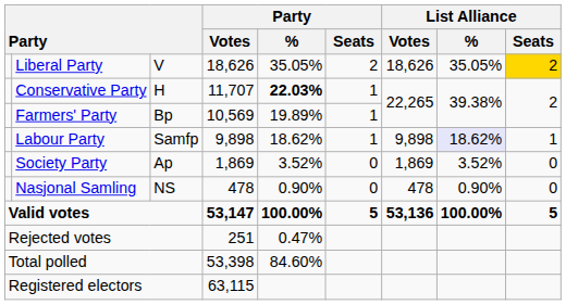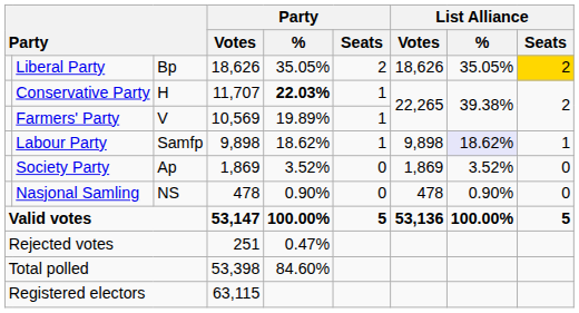 <table class="wikitable" border="1" style="text-align:right;">
 <tr>
 <th style="text-align:left;" valign=bottom rowspan=2 colspan=3>Party</th>
 <th colspan=3>Party</th>
 <th colspan=3>List Alliance</th>
 </tr>
 <tr>
 <th align=center valign=bottom width="50">Votes</th>
 <th align=center valign=bottom width="50">%</th>
 <th align=center valign=bottom width="50">Seats</th>
 <th align=center valign=bottom width="50">Votes</th>
 <th align=center valign=bottom width="50">%</th>
 <th align=center valign=bottom width="50">Seats</th>
 </tr>
 <tr>
 <td style="color:inherit;background:"></td>
 <td align=left><a href='#'>Liberal Party</a></td>
-<td align=left>V</td>
+<td align=left>Bp</td>
 <td>18,626</td>
 <td>35.05%</td>
 <td>2</td>
 <td>18,626</td>
 <td>35.05%</td>
 <td style="background: gold;">2</td>
 </tr>
 <tr>
 <td style="color:inherit;background:"></td>
 <td align=left><a href='#'>Conservative Party</a></td>
 <td align=left>H</td>
 <td>11,707</td>
 <td><strong>22.03%</strong></td>
 <td>1</td>
 <td rowspan=2>22,265</td>
 <td rowspan=2>39.38%</td>
 <td rowspan=2>2</td>
 </tr>
 <tr>
 <td style="color:inherit;background:"></td>
 <td align=left><a href='#'>Farmers' Party</a></td>
-<td align=left>Bp</td>
+<td align=left>V</td>
 <td>10,569</td>
 <td>19.89%</td>
 <td>1</td>
 </tr>
 <tr>
 <td style="color:inherit;background:"></td>
 <td align=left><a href='#'>Labour Party</a></td>
 <td align=left>Samfp</td>
 <td>9,898</td>
 <td>18.62%</td>
 <td>1</td>
 <td>9,898</td>
 <td style="background: lavender;">18.62%</td>
 <td>1</td>
 </tr>
 <tr>
 <td></td>
 <td align=left><a href='#'>Society Party</a></td>
 <td align=left>Ap</td>
 <td>1,869</td>
 <td>3.52%</td>
 <td>0</td>
 <td>1,869</td>
 <td>3.52%</td>
 <td>0</td>
 </tr>
 <tr>
 <td style="color:inherit;background:"></td>
 <td align=left><a href='#'>Nasjonal Samling</a></td>
 <td align=left>NS</td>
 <td>478</td>
 <td>0.90%</td>
 <td>0</td>
 <td>478</td>
 <td>0.90%</td>
 <td>0</td>
 </tr>
 <tr style="font-weight:bold">
 <td align=left colspan=3>Valid votes</td>
 <td>53,147</td>
 <td>100.00%</td>
 <td>5</td>
 <td>53,136</td>
 <td>100.00%</td>
 <td>5</td>
 </tr>
 <tr>
 <td align=left colspan=3>Rejected votes</td>
 <td>251</td>
 <td>0.47%</td>
 <td></td>
 <td></td>
 <td></td>
 <td></td>
 </tr>
 <tr>
 <td align=left colspan=3>Total polled</td>
 <td>53,398</td>
 <td>84.60%</td>
 <td></td>
 <td></td>
 <td></td>
 <td></td>
 </tr>
 <tr>
 <td align=left colspan=3>Registered electors</td>
 <td>63,115</td>
 <td></td>
 <td></td>
 <td></td>
 <td></td>
 <td></td>
 </tr>
 </table>
